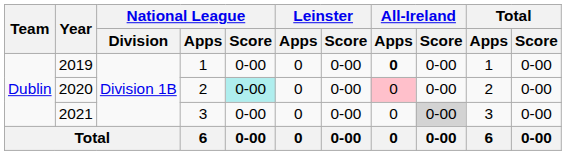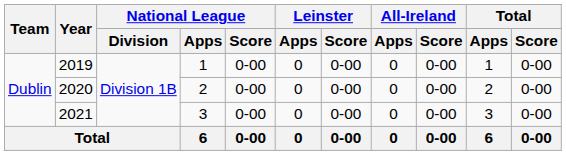 <table class="wikitable" style="text-align:center">
 <tr>
 <th rowspan="2">Team</th>
 <th rowspan="2">Year</th>
 <th colspan="3"><a href='#'>National League</a></th>
 <th colspan="2"><a href='#'>Leinster</a></th>
 <th colspan="2"><a href='#'>All-Ireland</a></th>
 <th colspan="2">Total</th>
 </tr>
 <tr>
 <th>Division</th>
 <th>Apps</th>
 <th>Score</th>
 <th>Apps</th>
 <th>Score</th>
 <th>Apps</th>
 <th>Score</th>
 <th>Apps</th>
 <th>Score</th>
 </tr>
 <tr>
 <td rowspan="3"><a href='#'>Dublin</a></td>
 <td>2019</td>
 <td rowspan="3"><a href='#'>Division 1B</a></td>
 <td>1</td>
 <td>0-00</td>
 <td>0</td>
 <td>0-00</td>
-<td><strong>0</strong></td>
+<td>0</td>
 <td>0-00</td>
 <td>1</td>
 <td>0-00</td>
 </tr>
 <tr>
 <td>2020</td>
 <td>2</td>
-<td style="background: paleturquoise;">0-00</td>
+<td>0-00</td>
 <td>0</td>
 <td>0-00</td>
-<td style="background: pink;">0</td>
+<td>0</td>
 <td>0-00</td>
 <td>2</td>
 <td>0-00</td>
 </tr>
 <tr>
 <td>2021</td>
 <td>3</td>
 <td>0-00</td>
 <td>0</td>
 <td>0-00</td>
 <td>0</td>
-<td style="background: lightgrey;">0-00</td>
+<td>0-00</td>
 <td>3</td>
 <td>0-00</td>
 </tr>
 <tr>
 <th colspan="3">Total</th>
 <th>6</th>
 <th>0-00</th>
 <th>0</th>
 <th>0-00</th>
 <th>0</th>
 <th>0-00</th>
 <th>6</th>
 <th>0-00</th>
 </tr>
 </table>
